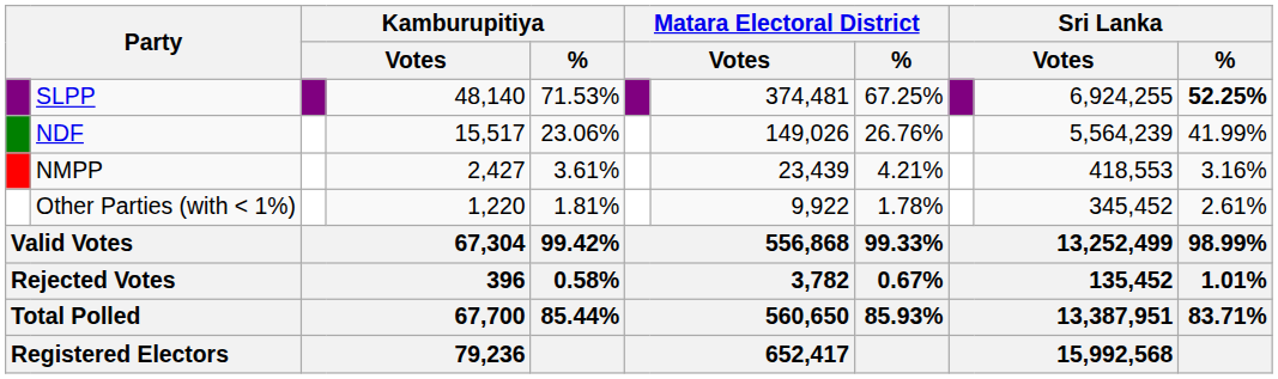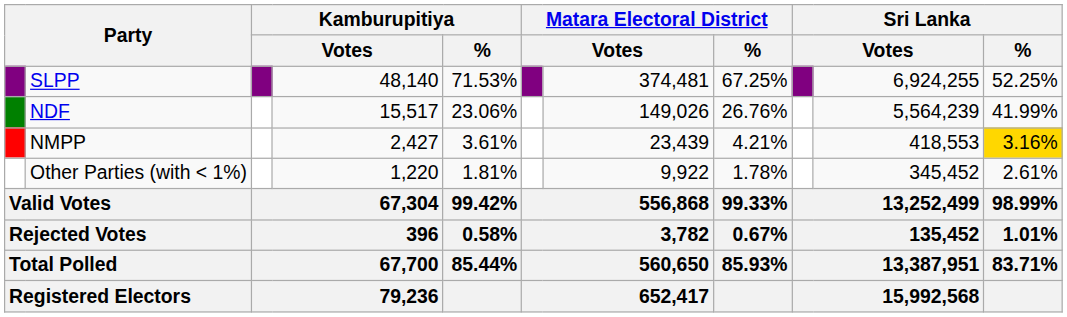 <table class="wikitable">
 <tr>
 <th colspan="2" width="144px"rowspan="2">Party</th>
 <th colspan="3" width="216px">Kamburupitiya</th>
 <th colspan="3" width="216px"><a href='#'>Matara Electoral District</a></th>
 <th colspan="3" width="216px">Sri Lanka</th>
 </tr>
 <tr>
 <th colspan="2" width="144px">Votes</th>
 <th>%</th>
 <th colspan="2" width="144px">Votes</th>
 <th>%</th>
 <th colspan="2" width="144px">Votes</th>
 <th>%</th>
 </tr>
 <tr>
 <td style="background-color:purple;" width="10px"></td>
 <td style="text-align:left;"><a href='#'>SLPP</a></td>
 <td style="background-color:purple;" width="10px"></td>
 <td style="text-align:right;">48,140</td>
 <td style="text-align:right;">71.53%</td>
 <td style="background-color:purple;" width="10px"></td>
 <td style="text-align:right;">374,481</td>
 <td style="text-align:right;">67.25%</td>
 <td style="background-color:purple;" width="10px"></td>
 <td style="text-align:right;">6,924,255</td>
-<td style="text-align:right;"><strong>52.25%</strong></td>
+<td style="text-align:right;">52.25%</td>
 </tr>
 <tr>
 <td style="background-color:green;" width="10px"></td>
 <td style="text-align:left;"><a href='#'>NDF</a></td>
 <td style="background-color:white;" width="10px"></td>
 <td style="text-align:right;">15,517</td>
 <td style="text-align:right;">23.06%</td>
 <td style="background-color:white;" width="10px"></td>
 <td style="text-align:right;">149,026</td>
 <td style="text-align:right;">26.76%</td>
 <td style="background-color:white;" width="10px"></td>
 <td style="text-align:right;">5,564,239</td>
 <td style="text-align:right;">41.99%</td>
 </tr>
 <tr>
 <td style="background-color:red;" width="10px"></td>
 <td style="text-align:left;">NMPP</td>
 <td style="background-color:white;" width="10px"></td>
 <td style="text-align:right;">2,427</td>
 <td style="text-align:right;">3.61%</td>
 <td style="background-color:white;" width="10px"></td>
 <td style="text-align:right;">23,439</td>
 <td style="text-align:right;">4.21%</td>
 <td style="background-color:white;" width="10px"></td>
 <td style="text-align:right;">418,553</td>
-<td style="text-align:right;">3.16%</td>
+<td style="background: gold; text-align:right;">3.16%</td>
 </tr>
 <tr>
 <td style="background-color:white;" width="10px"></td>
 <td style="text-align:left;">Other Parties (with < 1%)</td>
 <td style="background-color:white;" width="10px"></td>
 <td style="text-align:right;">1,220</td>
 <td style="text-align:right;">1.81%</td>
 <td style="background-color:white;" width="10px"></td>
 <td style="text-align:right;">9,922</td>
 <td style="text-align:right;">1.78%</td>
 <td style="background-color:white;" width="10px"></td>
 <td style="text-align:right;">345,452</td>
 <td style="text-align:right;">2.61%</td>
 </tr>
 <tr>
 <th colspan="2" width="144px"style="text-align:left;">Valid Votes</th>
 <th style="text-align:right;"colspan="2" width="144px">67,304</th>
 <th style="text-align:right;">99.42%</th>
 <th style="text-align:right;"colspan="2" width="144px">556,868</th>
 <th style="text-align:right;">99.33%</th>
 <th style="text-align:right;"colspan="2" width="144px">13,252,499</th>
 <th style="text-align:right;">98.99%</th>
 </tr>
 <tr>
 <th colspan="2" width="144px"style="text-align:left;">Rejected Votes</th>
 <th style="text-align:right;"colspan="2" width="144px">396</th>
 <th style="text-align:right;">0.58%</th>
 <th style="text-align:right;"colspan="2" width="144px">3,782</th>
 <th style="text-align:right;">0.67%</th>
 <th style="text-align:right;"colspan="2" width="144px">135,452</th>
 <th style="text-align:right;">1.01%</th>
 </tr>
 <tr>
 <th colspan="2" width="144px"style="text-align:left;">Total Polled</th>
 <th style="text-align:right;"colspan="2" width="144px">67,700</th>
 <th style="text-align:right;">85.44%</th>
 <th style="text-align:right;"colspan="2" width="144px">560,650</th>
 <th style="text-align:right;">85.93%</th>
 <th style="text-align:right;"colspan="2" width="144px">13,387,951</th>
 <th style="text-align:right;">83.71%</th>
 </tr>
 <tr>
 <th colspan="2" width="144px"style="text-align:left;">Registered Electors</th>
 <th style="text-align:right;"colspan="2" width="144px">79,236</th>
 <th></th>
 <th style="text-align:right;"colspan="2" width="144px">652,417</th>
 <th></th>
 <th style="text-align:right;"colspan="2" width="144px">15,992,568</th>
 <th></th>
 </tr>
 </table>
